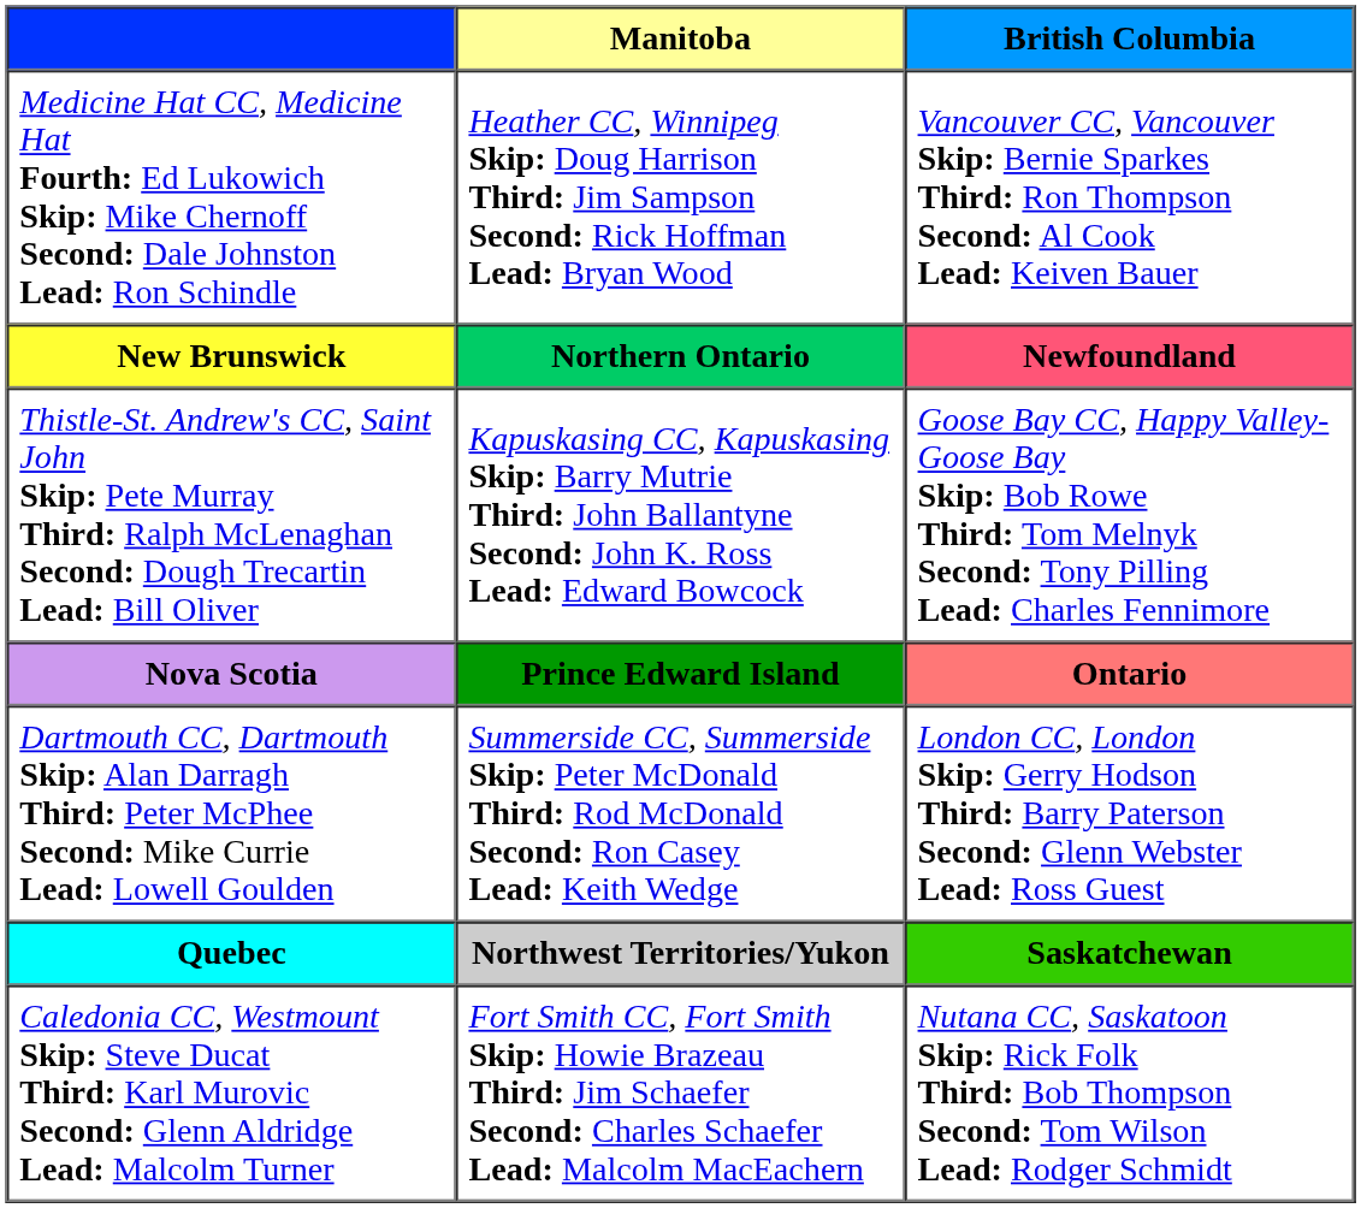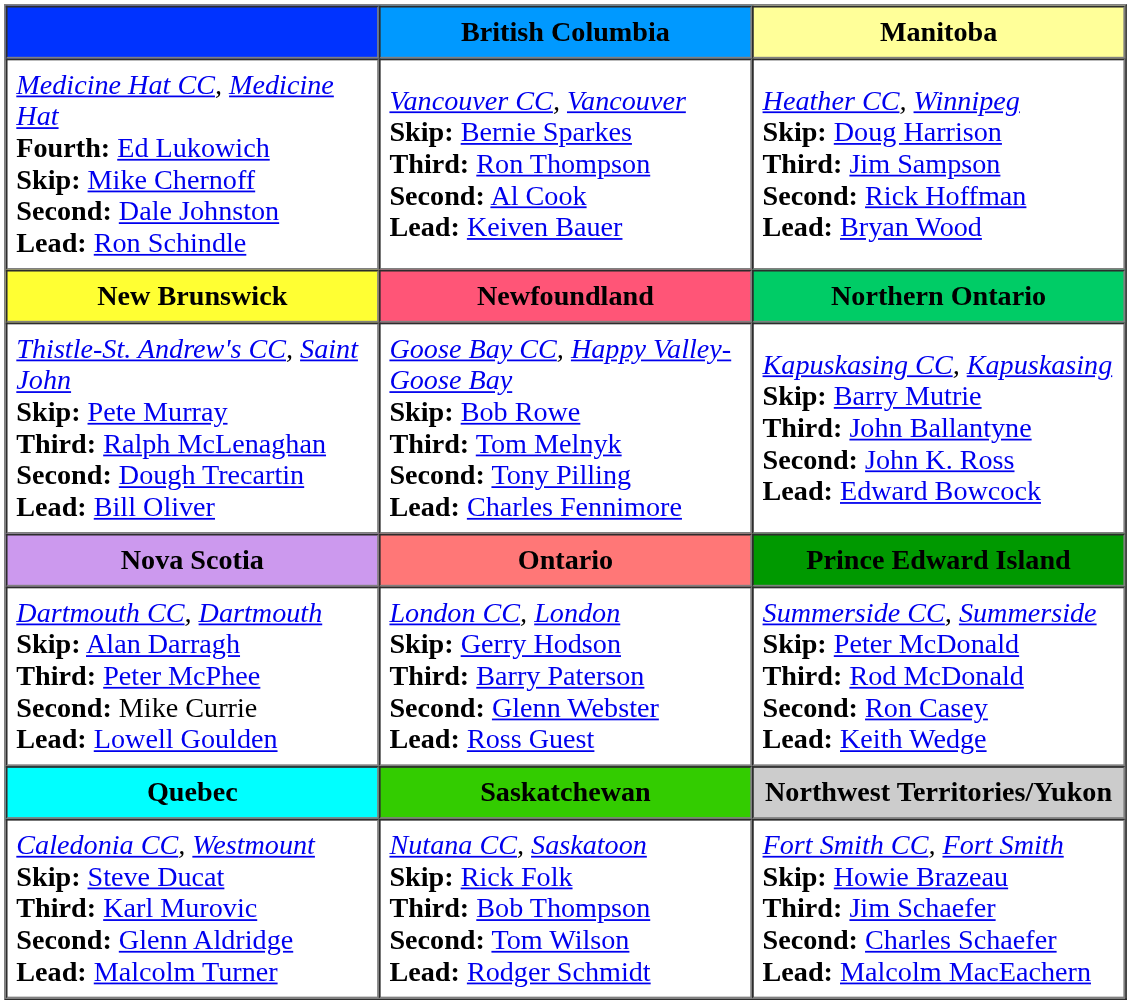 <table border=1 cellpadding=5 cellspacing=0>
 <tr>
 <th style="background:#03f; width:200px;"></th>
+<th style="background:#09f; width:200px;">British Columbia</th>
 <th style="background:#ff9; width:200px;">Manitoba</th>
-<th style="background:#09f; width:200px;">British Columbia</th>
 </tr>
 <tr>
 <td><em><a href='#'>Medicine Hat CC</a>, <a href='#'>Medicine Hat</a></em><br><strong>Fourth:</strong> <a href='#'>Ed Lukowich</a><br> <strong>Skip:</strong> <a href='#'>Mike Chernoff</a><br> <strong>Second:</strong> <a href='#'>Dale Johnston</a><br> <strong>Lead:</strong> <a href='#'>Ron Schindle</a></td>
+<td><em><a href='#'>Vancouver CC</a>, <a href='#'>Vancouver</a></em><br><strong>Skip:</strong> <a href='#'>Bernie Sparkes</a><br> <strong>Third:</strong> <a href='#'>Ron Thompson</a><br> <strong>Second:</strong> <a href='#'>Al Cook</a><br> <strong>Lead:</strong> <a href='#'>Keiven Bauer</a></td>
 <td><em><a href='#'>Heather CC</a>, <a href='#'>Winnipeg</a></em><br><strong>Skip:</strong> <a href='#'>Doug Harrison</a><br> <strong>Third:</strong> <a href='#'>Jim Sampson</a><br> <strong>Second:</strong> <a href='#'>Rick Hoffman</a><br> <strong>Lead:</strong> <a href='#'>Bryan Wood</a></td>
-<td><em><a href='#'>Vancouver CC</a>, <a href='#'>Vancouver</a></em><br><strong>Skip:</strong> <a href='#'>Bernie Sparkes</a><br> <strong>Third:</strong> <a href='#'>Ron Thompson</a><br> <strong>Second:</strong> <a href='#'>Al Cook</a><br> <strong>Lead:</strong> <a href='#'>Keiven Bauer</a></td>
 </tr>
 <tr>
 <th style="background:#ff3; width:200px;">New Brunswick</th>
+<th style="background:#f57; width:200px;">Newfoundland</th>
 <th style="background:#0c6; width:200px;">Northern Ontario</th>
-<th style="background:#f57; width:200px;">Newfoundland</th>
 </tr>
 <tr>
 <td><em><a href='#'>Thistle-St. Andrew's CC</a>, <a href='#'>Saint John</a></em><br><strong>Skip:</strong> <a href='#'>Pete Murray</a><br> <strong>Third:</strong> <a href='#'>Ralph McLenaghan</a><br> <strong>Second:</strong> <a href='#'>Dough Trecartin</a><br> <strong>Lead:</strong> <a href='#'>Bill Oliver</a></td>
+<td><em><a href='#'>Goose Bay CC</a>, <a href='#'>Happy Valley-Goose Bay</a></em><br><strong>Skip:</strong> <a href='#'>Bob Rowe</a><br> <strong>Third:</strong> <a href='#'>Tom Melnyk</a><br> <strong>Second:</strong> <a href='#'>Tony Pilling</a><br> <strong>Lead:</strong> <a href='#'>Charles Fennimore</a></td>
 <td><em><a href='#'>Kapuskasing CC</a>, <a href='#'>Kapuskasing</a></em><br><strong>Skip:</strong> <a href='#'>Barry Mutrie</a><br> <strong>Third:</strong> <a href='#'>John Ballantyne</a><br> <strong>Second:</strong> <a href='#'>John K. Ross</a><br> <strong>Lead:</strong> <a href='#'>Edward Bowcock</a></td>
-<td><em><a href='#'>Goose Bay CC</a>, <a href='#'>Happy Valley-Goose Bay</a></em><br><strong>Skip:</strong> <a href='#'>Bob Rowe</a><br> <strong>Third:</strong> <a href='#'>Tom Melnyk</a><br> <strong>Second:</strong> <a href='#'>Tony Pilling</a><br> <strong>Lead:</strong> <a href='#'>Charles Fennimore</a></td>
 </tr>
 <tr>
 <th style="background:#c9e; width:200px;">Nova Scotia</th>
+<th style="background:#f77; width:200px;">Ontario</th>
 <th style="background:#090; width:200px;">Prince Edward Island</th>
-<th style="background:#f77; width:200px;">Ontario</th>
 </tr>
 <tr>
 <td><em><a href='#'>Dartmouth CC</a>, <a href='#'>Dartmouth</a></em><br><strong>Skip:</strong> <a href='#'>Alan Darragh</a><br> <strong>Third:</strong> <a href='#'>Peter McPhee</a><br> <strong>Second:</strong> Mike Currie<br> <strong>Lead:</strong> <a href='#'>Lowell Goulden</a></td>
+<td><em><a href='#'>London CC</a>, <a href='#'>London</a></em><br><strong>Skip:</strong> <a href='#'>Gerry Hodson</a><br> <strong>Third:</strong> <a href='#'>Barry Paterson</a><br> <strong>Second:</strong> <a href='#'>Glenn Webster</a><br> <strong>Lead:</strong> <a href='#'>Ross Guest</a></td>
 <td><em><a href='#'>Summerside CC</a>, <a href='#'>Summerside</a></em><br><strong>Skip:</strong> <a href='#'>Peter McDonald</a><br> <strong>Third:</strong> <a href='#'>Rod McDonald</a><br> <strong>Second:</strong> <a href='#'>Ron Casey</a><br> <strong>Lead:</strong> <a href='#'>Keith Wedge</a></td>
-<td><em><a href='#'>London CC</a>, <a href='#'>London</a></em><br><strong>Skip:</strong> <a href='#'>Gerry Hodson</a><br> <strong>Third:</strong> <a href='#'>Barry Paterson</a><br> <strong>Second:</strong> <a href='#'>Glenn Webster</a><br> <strong>Lead:</strong> <a href='#'>Ross Guest</a></td>
 </tr>
 <tr>
 <th style="background:#0ff; width:200px;">Quebec</th>
+<th style="background:#3c0; width:200px;">Saskatchewan</th>
 <th style="background:#ccc; width:200px;">Northwest Territories/Yukon</th>
-<th style="background:#3c0; width:200px;">Saskatchewan</th>
 </tr>
 <tr>
 <td><em><a href='#'>Caledonia CC</a>, <a href='#'>Westmount</a></em><br><strong>Skip:</strong> <a href='#'>Steve Ducat</a><br> <strong>Third:</strong> <a href='#'>Karl Murovic</a><br> <strong>Second:</strong> <a href='#'>Glenn Aldridge</a><br> <strong>Lead:</strong> <a href='#'>Malcolm Turner</a></td>
+<td><em><a href='#'>Nutana CC</a>, <a href='#'>Saskatoon</a></em><br><strong>Skip:</strong> <a href='#'>Rick Folk</a><br> <strong>Third:</strong> <a href='#'>Bob Thompson</a><br> <strong>Second:</strong> <a href='#'>Tom Wilson</a><br> <strong>Lead:</strong> <a href='#'>Rodger Schmidt</a></td>
 <td><em><a href='#'>Fort Smith CC</a>, <a href='#'>Fort Smith</a></em><br><strong>Skip:</strong> <a href='#'>Howie Brazeau</a><br> <strong>Third:</strong> <a href='#'>Jim Schaefer</a><br> <strong>Second:</strong> <a href='#'>Charles Schaefer</a><br> <strong>Lead:</strong> <a href='#'>Malcolm MacEachern</a></td>
-<td><em><a href='#'>Nutana CC</a>, <a href='#'>Saskatoon</a></em><br><strong>Skip:</strong> <a href='#'>Rick Folk</a><br> <strong>Third:</strong> <a href='#'>Bob Thompson</a><br> <strong>Second:</strong> <a href='#'>Tom Wilson</a><br> <strong>Lead:</strong> <a href='#'>Rodger Schmidt</a></td>
 </tr>
 </table>
